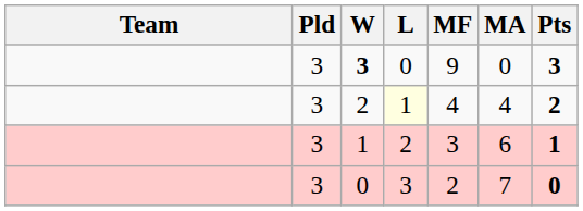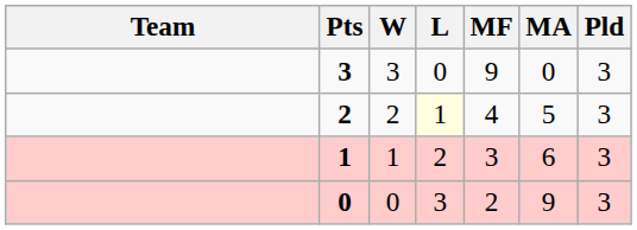 <table class=wikitable style="text-align:center">
 <tr>
 <th width=175>Team</th>
-<th width=20>Pld</th>
+<th width=20>Pts</th>
 <th width=20>W</th>
 <th width=20>L</th>
 <th width=20>MF</th>
 <th width=20>MA</th>
-<th width=20>Pts</th>
+<th width=20>Pld</th>
 </tr>
 <tr>
 <td style="text-align:left"></td>
+<td><strong>3</strong></td>
 <td>3</td>
-<td><strong>3</strong></td>
 <td>0</td>
 <td>9</td>
 <td>0</td>
-<td><strong>3</strong></td>
+<td>3</td>
 </tr>
 <tr>
 <td style="text-align:left"></td>
-<td>3</td>
+<td><strong>2</strong></td>
 <td>2</td>
 <td style="background: lightyellow;">1</td>
 <td>4</td>
-<td>4</td>
-<td><strong>2</strong></td>
+<td>5</td>
+<td>3</td>
 </tr>
 <tr bgcolor=ffcccc>
 <td style="text-align:left"></td>
-<td>3</td>
+<td><strong>1</strong></td>
 <td>1</td>
 <td>2</td>
 <td>3</td>
 <td>6</td>
-<td><strong>1</strong></td>
+<td>3</td>
 </tr>
 <tr bgcolor=ffcccc>
 <td style="text-align:left"></td>
-<td>3</td>
+<td><strong>0</strong></td>
 <td>0</td>
 <td>3</td>
 <td>2</td>
-<td>7</td>
-<td><strong>0</strong></td>
+<td>9</td>
+<td>3</td>
 </tr>
 </table>
